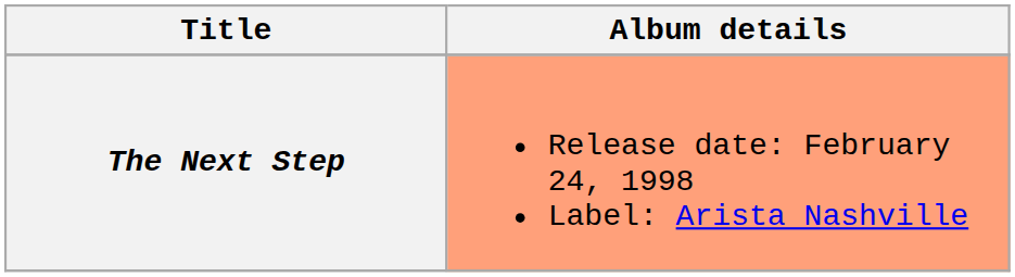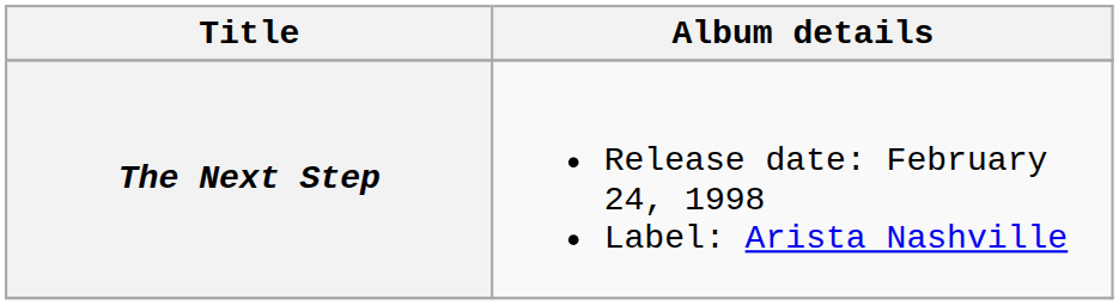 <table class="wikitable plainrowheaders">
 <tr>
 <th style="width:14em;">Title</th>
 <th style="width:18em;">Album details</th>
 </tr>
 <tr>
 </tr>
 <tr>
 <th scope="row"><em>The Next Step</em></th>
-<td style="background: lightsalmon;"><br><ul><li>Release date: February 24, 1998</li><li>Label: <a href='#'>Arista Nashville</a></li></ul></td>
+<td><br><ul><li>Release date: February 24, 1998</li><li>Label: <a href='#'>Arista Nashville</a></li></ul></td>
 </tr>
 <tr>
 </tr>
 </table>
